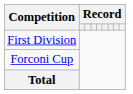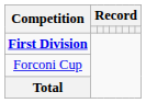 <table class="wikitable" style="text-align: center">
 <tr>
 <th rowspan=2>Competition</th>
 <th colspan=8>Record</th>
 </tr>
 <tr>
 <th></th>
 <th></th>
 <th></th>
 <th></th>
 <th></th>
 <th></th>
 <th></th>
 <th></th>
 </tr>
 <tr>
-<td><a href='#'>First Division</a><br></td>
+<td><strong><a href='#'>First Division</a><br></strong></td>
 </tr>
 <tr>
 <td><a href='#'>Forconi Cup</a><br></td>
 </tr>
 <tr>
 <th>Total<br></th>
 </tr>
 </table>
